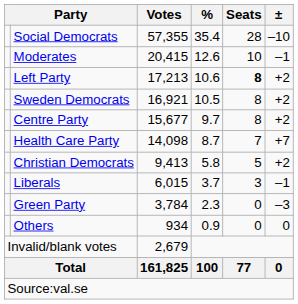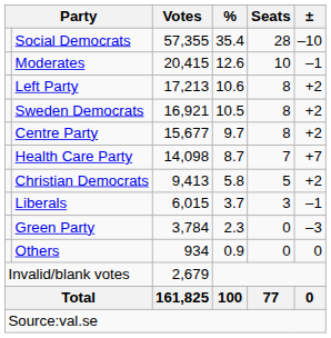 <table class=wikitable style=text-align:right>
 <tr>
 <th colspan=2>Party</th>
 <th>Votes</th>
 <th>%</th>
 <th>Seats</th>
 <th>±</th>
 </tr>
 <tr>
 <td bgcolor=></td>
 <td align=left><a href='#'>Social Democrats</a></td>
 <td>57,355</td>
 <td>35.4</td>
 <td>28</td>
 <td>–10</td>
 </tr>
 <tr>
 <td bgcolor=></td>
 <td align=left><a href='#'>Moderates</a></td>
 <td>20,415</td>
 <td>12.6</td>
 <td>10</td>
 <td>–1</td>
 </tr>
 <tr>
 <td bgcolor=></td>
 <td align=left><a href='#'>Left Party</a></td>
 <td>17,213</td>
 <td>10.6</td>
-<td><strong>8</strong></td>
+<td>8</td>
 <td>+2</td>
 </tr>
 <tr>
 <td bgcolor=></td>
 <td align=left><a href='#'>Sweden Democrats</a></td>
 <td>16,921</td>
 <td>10.5</td>
 <td>8</td>
 <td>+2</td>
 </tr>
 <tr>
 <td bgcolor=></td>
 <td align=left><a href='#'>Centre Party</a></td>
 <td>15,677</td>
 <td>9.7</td>
 <td>8</td>
 <td>+2</td>
 </tr>
 <tr>
 <td></td>
 <td align=left><a href='#'>Health Care Party</a></td>
 <td>14,098</td>
 <td>8.7</td>
 <td>7</td>
 <td>+7</td>
 </tr>
 <tr>
 <td bgcolor=></td>
 <td align=left><a href='#'>Christian Democrats</a></td>
 <td>9,413</td>
 <td>5.8</td>
 <td>5</td>
 <td>+2</td>
 </tr>
 <tr>
 <td bgcolor=></td>
 <td align=left><a href='#'>Liberals</a></td>
 <td>6,015</td>
 <td>3.7</td>
 <td>3</td>
 <td>–1</td>
 </tr>
 <tr>
 <td bgcolor=></td>
 <td align=left><a href='#'>Green Party</a></td>
 <td>3,784</td>
 <td>2.3</td>
 <td>0</td>
 <td>–3</td>
 </tr>
 <tr>
 <td></td>
 <td align=left><a href='#'>Others</a></td>
 <td>934</td>
 <td>0.9</td>
 <td>0</td>
 <td>0</td>
 </tr>
 <tr>
 <td align=left colspan=2>Invalid/blank votes</td>
 <td>2,679</td>
 <td colspan=3></td>
 </tr>
 <tr>
 <th align=left colspan=2>Total</th>
 <th>161,825</th>
 <th>100</th>
 <th>77</th>
 <th>0</th>
 </tr>
 <tr>
 <td align=left colspan=6>Source:val.se </td>
 </tr>
 </table>
